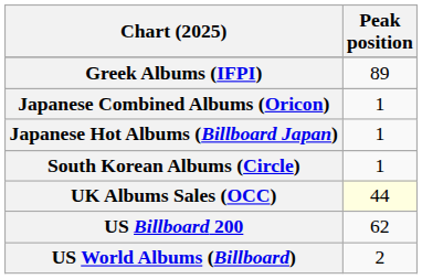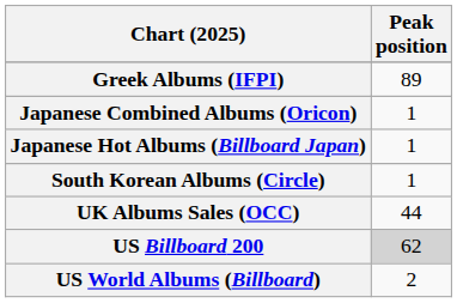 <table class="wikitable sortable plainrowheaders" style="text-align:center">
 <tr>
 <th scope="col">Chart (2025)</th>
 <th scope="col">Peak<br>position</th>
 </tr>
 <tr>
 </tr>
 <tr>
 <th scope="row">Greek Albums (<a href='#'>IFPI</a>)</th>
 <td>89</td>
 </tr>
 <tr>
 </tr>
 <tr>
 <th scope="row">Japanese Combined Albums (<a href='#'>Oricon</a>)</th>
 <td>1</td>
 </tr>
 <tr>
 <th scope="row">Japanese Hot Albums (<em><a href='#'>Billboard Japan</a></em>)</th>
 <td>1</td>
 </tr>
 <tr>
 </tr>
 <tr>
 <th scope="row">South Korean Albums (<a href='#'>Circle</a>)</th>
 <td>1</td>
 </tr>
 <tr>
 <th scope="row">UK Albums Sales (<a href='#'>OCC</a>)</th>
-<td style="background: lightyellow;">44</td>
+<td>44</td>
 </tr>
 <tr>
 <th scope="row">US <a href='#'><em>Billboard</em> 200</a></th>
-<td>62</td>
+<td style="background: lightgrey;">62</td>
 </tr>
 <tr>
 <th scope="row">US <a href='#'>World Albums</a> (<em><a href='#'>Billboard</a></em>)</th>
 <td>2</td>
 </tr>
 </table>
